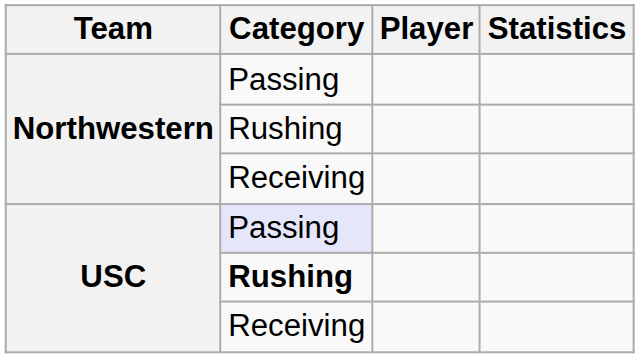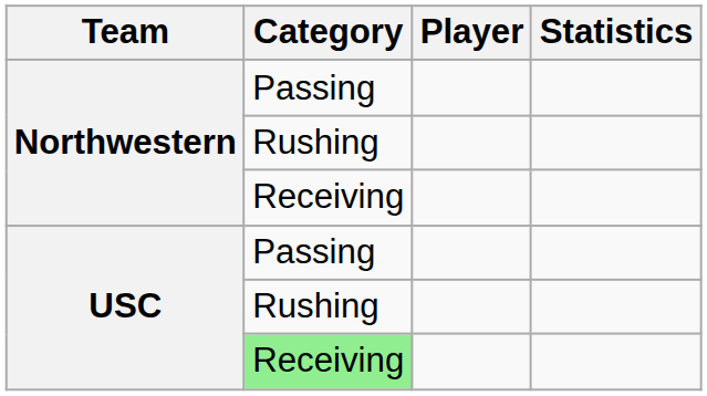 <table class="wikitable" style="float:right">
 <tr>
 <th>Team</th>
 <th>Category</th>
 <th>Player</th>
 <th>Statistics</th>
 </tr>
 <tr>
 <th rowspan=3>Northwestern</th>
 <td>Passing</td>
 <td></td>
 <td></td>
 </tr>
 <tr>
 <td>Rushing</td>
 <td></td>
 <td></td>
 </tr>
 <tr>
 <td>Receiving</td>
 <td></td>
 <td></td>
 </tr>
 <tr>
 <th rowspan=3>USC</th>
-<td style="background: lavender;">Passing</td>
+<td>Passing</td>
 <td></td>
 <td></td>
 </tr>
 <tr>
-<td><strong>Rushing</strong></td>
+<td>Rushing</td>
 <td></td>
 <td></td>
 </tr>
 <tr>
-<td>Receiving</td>
+<td style="background: lightgreen;">Receiving</td>
 <td></td>
 <td></td>
 </tr>
 </table>
